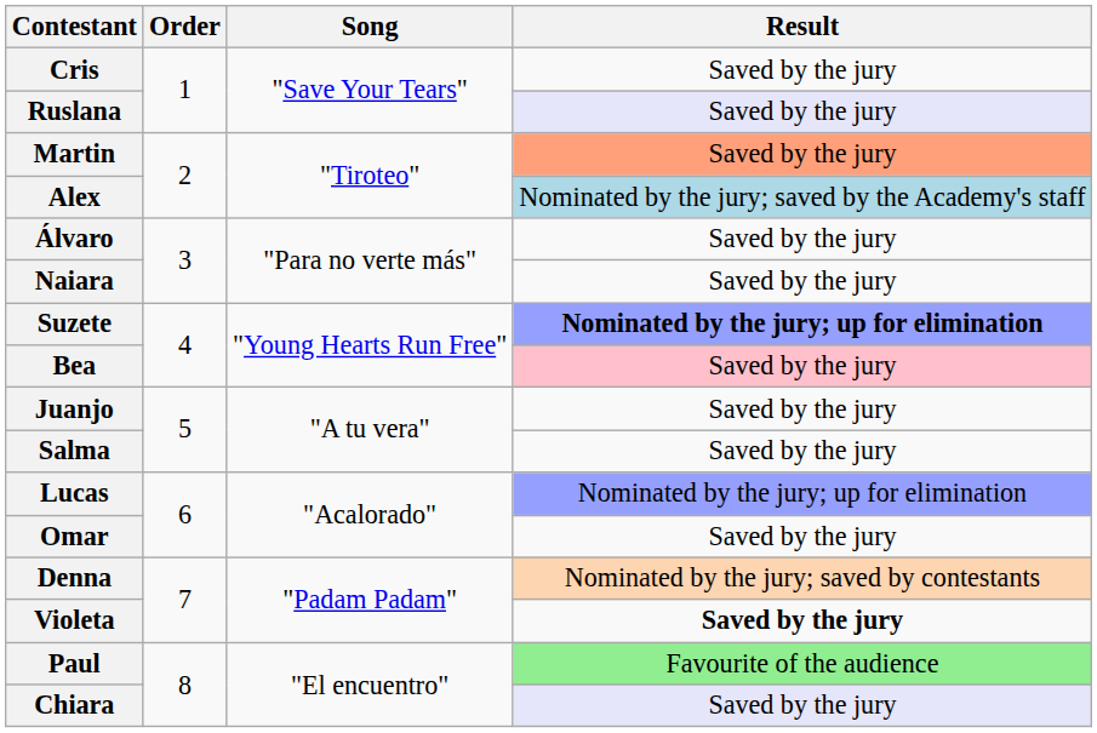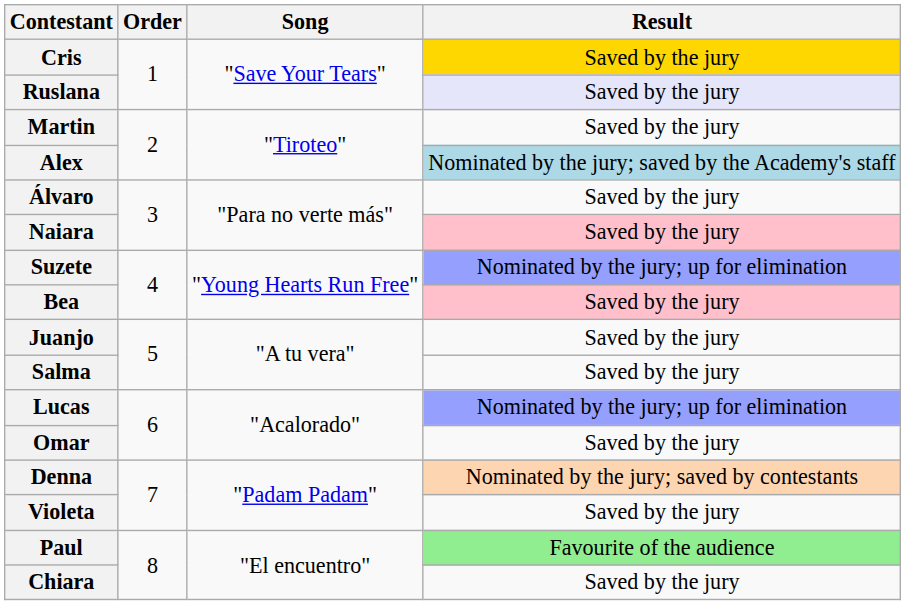 <table class="wikitable sortable plainrowheaders" style="text-align:center;">
 <tr>
 <th scope="col">Contestant</th>
 <th scope="col">Order</th>
 <th scope="col">Song</th>
 <th scope="col">Result</th>
 </tr>
 <tr>
 <th scope="row">Cris</th>
 <td rowspan=2>1</td>
 <td rowspan=2>"<a href='#'>Save Your Tears</a>"</td>
-<td>Saved by the jury</td>
+<td style="background: gold;">Saved by the jury</td>
 </tr>
 <tr>
 <th scope="row">Ruslana</th>
 <td style="background: lavender;">Saved by the jury</td>
 </tr>
 <tr>
 <th scope="row">Martin</th>
 <td rowspan=2>2</td>
 <td rowspan=2>"<a href='#'>Tiroteo</a>"</td>
-<td style="background: lightsalmon;">Saved by the jury</td>
+<td>Saved by the jury</td>
 </tr>
 <tr>
 <th scope="row">Alex</th>
 <td style="background:lightblue;">Nominated by the jury; saved by the Academy's staff</td>
 </tr>
 <tr>
 <th scope="row">Álvaro</th>
 <td rowspan=2>3</td>
 <td rowspan=2>"Para no verte más"</td>
 <td>Saved by the jury</td>
 </tr>
 <tr>
 <th scope="row">Naiara</th>
-<td>Saved by the jury</td>
+<td style="background: pink;">Saved by the jury</td>
 </tr>
 <tr>
 <th scope="row">Suzete</th>
 <td rowspan=2>4</td>
 <td rowspan=2>"<a href='#'>Young Hearts Run Free</a>"</td>
-<td style="background:#959ffd;"><strong>Nominated by the jury; up for elimination</strong></td>
+<td style="background:#959ffd;">Nominated by the jury; up for elimination</td>
 </tr>
 <tr>
 <th scope="row">Bea</th>
 <td style="background: pink;">Saved by the jury</td>
 </tr>
 <tr>
 <th scope="row">Juanjo</th>
 <td rowspan=2>5</td>
 <td rowspan=2>"A tu vera"</td>
 <td>Saved by the jury</td>
 </tr>
 <tr>
 <th scope="row">Salma</th>
 <td>Saved by the jury</td>
 </tr>
 <tr>
 <th scope="row">Lucas</th>
 <td rowspan=2>6</td>
 <td rowspan=2>"Acalorado"</td>
 <td style="background:#959ffd;">Nominated by the jury; up for elimination</td>
 </tr>
 <tr>
 <th scope="row">Omar</th>
 <td>Saved by the jury</td>
 </tr>
 <tr>
 <th scope="row">Denna</th>
 <td rowspan=2>7</td>
 <td rowspan=2>"<a href='#'>Padam Padam</a>"</td>
 <td style="background:#fdd5b1;">Nominated by the jury; saved by contestants</td>
 </tr>
 <tr>
 <th scope="row">Violeta</th>
-<td><strong>Saved by the jury</strong></td>
+<td>Saved by the jury</td>
 </tr>
 <tr>
 <th scope="row">Paul</th>
 <td rowspan=2>8</td>
 <td rowspan=2>"El encuentro"</td>
 <td style="background:lightgreen;">Favourite of the audience</td>
 </tr>
 <tr>
 <th scope="row">Chiara</th>
-<td style="background: lavender;">Saved by the jury</td>
+<td>Saved by the jury</td>
 </tr>
 </table>
